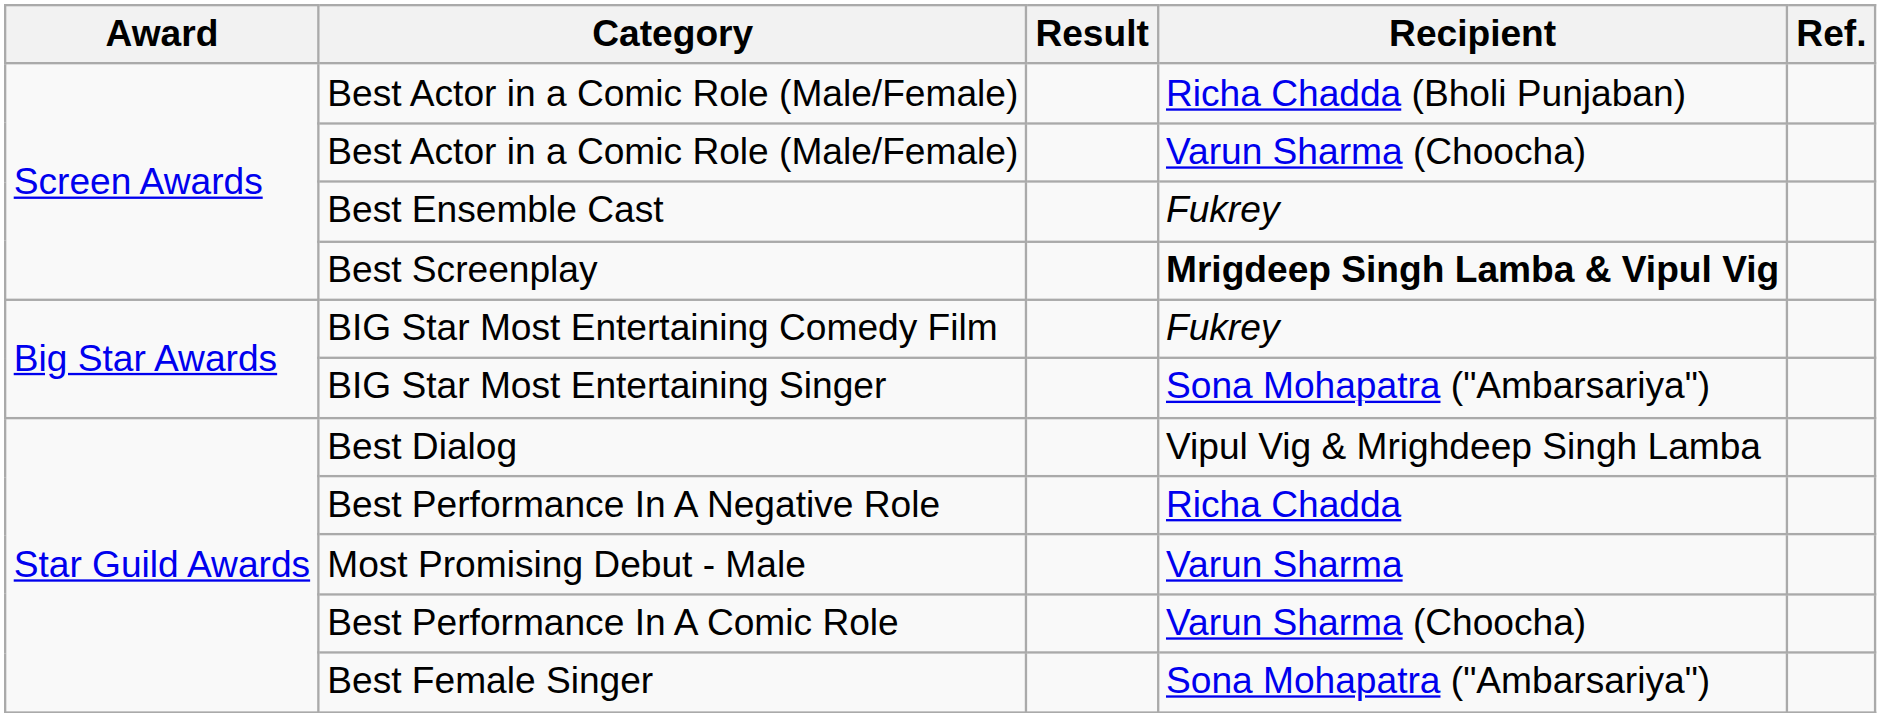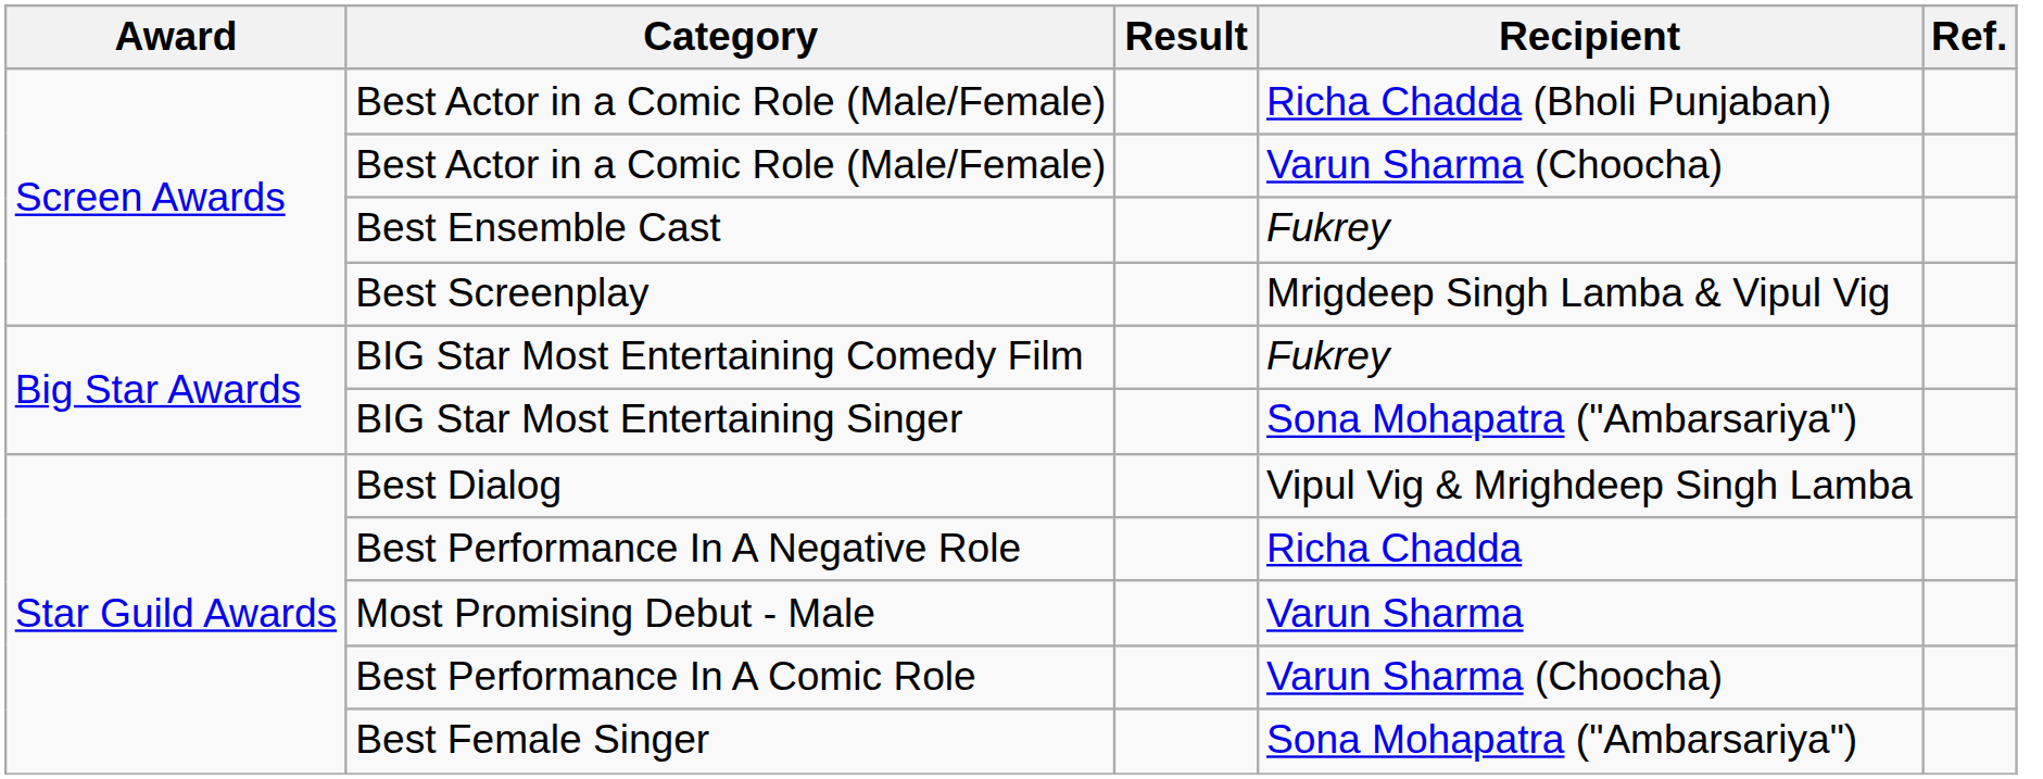 <table class="wikitable">
 <tr>
 <th>Award</th>
 <th>Category</th>
 <th>Result</th>
 <th>Recipient</th>
 <th>Ref.</th>
 </tr>
 <tr>
 <td rowspan=4><a href='#'>Screen Awards</a></td>
 <td>Best Actor in a Comic Role (Male/Female)</td>
 <td></td>
 <td><a href='#'>Richa Chadda</a> (Bholi Punjaban)</td>
 <td></td>
 </tr>
 <tr>
 <td>Best Actor in a Comic Role (Male/Female)</td>
 <td></td>
 <td><a href='#'>Varun Sharma</a> (Choocha)</td>
 <td></td>
 </tr>
 <tr>
 <td>Best Ensemble Cast</td>
 <td></td>
 <td><em>Fukrey</em></td>
 <td></td>
 </tr>
 <tr>
 <td>Best Screenplay</td>
 <td></td>
-<td><strong>Mrigdeep Singh Lamba & Vipul Vig</strong></td>
+<td>Mrigdeep Singh Lamba & Vipul Vig</td>
 <td></td>
 </tr>
 <tr>
 <td rowspan=2><a href='#'>Big Star Awards</a></td>
 <td>BIG Star Most Entertaining Comedy Film</td>
 <td></td>
 <td><em>Fukrey</em></td>
 <td></td>
 </tr>
 <tr>
 <td>BIG Star Most Entertaining Singer</td>
 <td></td>
 <td><a href='#'>Sona Mohapatra</a> ("Ambarsariya")</td>
 <td></td>
 </tr>
 <tr>
 <td rowspan=5><a href='#'>Star Guild Awards</a></td>
 <td>Best Dialog</td>
 <td></td>
 <td>Vipul Vig & Mrighdeep Singh Lamba</td>
 <td></td>
 </tr>
 <tr>
 <td>Best Performance In A Negative Role</td>
 <td></td>
 <td><a href='#'>Richa Chadda</a></td>
 <td></td>
 </tr>
 <tr>
 <td>Most Promising Debut - Male</td>
 <td></td>
 <td><a href='#'>Varun Sharma</a></td>
 <td></td>
 </tr>
 <tr>
 <td>Best Performance In A Comic Role</td>
 <td></td>
 <td><a href='#'>Varun Sharma</a> (Choocha)</td>
 <td></td>
 </tr>
 <tr>
 <td>Best Female Singer</td>
 <td></td>
 <td><a href='#'>Sona Mohapatra</a> ("Ambarsariya")</td>
 <td></td>
 </tr>
 <tr>
 </tr>
 </table>
